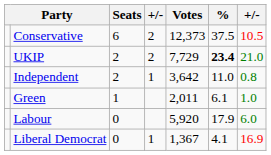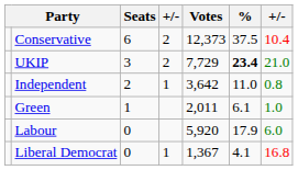 <table class="wikitable sortable">
 <tr>
 <th colspan="2">Party</th>
 <th>Seats</th>
 <th>+/-</th>
 <th>Votes</th>
 <th>%</th>
 <th>+/-</th>
 </tr>
 <tr>
 <td style="background-color: "></td>
 <td><a href='#'>Conservative</a></td>
 <td>6</td>
 <td> 2</td>
 <td>12,373</td>
 <td>37.5</td>
-<td style="color:red">10.5</td>
+<td style="color:red">10.4</td>
 </tr>
 <tr>
 <td style="background-color: "></td>
 <td><a href='#'>UKIP</a></td>
-<td>2</td>
+<td>3</td>
 <td> 2</td>
 <td>7,729</td>
 <td><strong>23.4</strong></td>
 <td style="color:green">21.0</td>
 </tr>
 <tr>
 <td style="background-color: "></td>
 <td><a href='#'>Independent</a></td>
 <td>2</td>
 <td> 1</td>
 <td>3,642</td>
 <td>11.0</td>
 <td style="color:green">0.8</td>
 </tr>
 <tr>
 <td style="background-color: "></td>
 <td><a href='#'>Green</a></td>
 <td>1</td>
 <td></td>
 <td>2,011</td>
 <td>6.1</td>
 <td style="color:green">1.0</td>
 </tr>
 <tr>
 <td style="background-color: "></td>
 <td><a href='#'>Labour</a></td>
 <td>0</td>
 <td></td>
 <td>5,920</td>
 <td>17.9</td>
 <td style="color:green">6.0</td>
 </tr>
 <tr>
 <td style="background-color: "></td>
 <td><a href='#'>Liberal Democrat</a></td>
 <td>0</td>
 <td> 1</td>
 <td>1,367</td>
 <td>4.1</td>
-<td style="color:red">16.9</td>
+<td style="color:red">16.8</td>
 </tr>
 </table>
